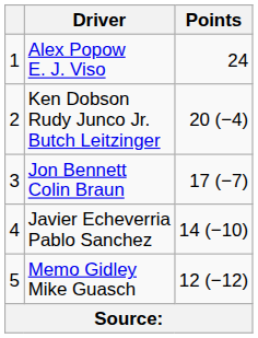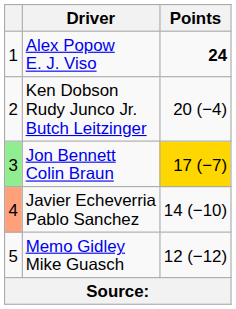 <table class="wikitable" style="font-size: 95%;">
 <tr>
 <th scope="col"></th>
 <th scope="col">Driver</th>
 <th scope="col">Points</th>
 </tr>
 <tr>
 <td align=center>1</td>
 <td> <a href='#'>Alex Popow</a><br> <a href='#'>E. J. Viso</a></td>
-<td align=right>24</td>
+<td align=right><strong>24</strong></td>
 </tr>
 <tr>
 <td align=center>2</td>
 <td> Ken Dobson<br> Rudy Junco Jr.<br> <a href='#'>Butch Leitzinger</a></td>
 <td align=right>20 (−4)</td>
 </tr>
 <tr>
-<td align=center>3</td>
+<td align=center style="background: lightgreen;">3</td>
 <td> <a href='#'>Jon Bennett</a><br> <a href='#'>Colin Braun</a></td>
-<td align=right>17 (−7)</td>
+<td align=right style="background: gold;">17 (−7)</td>
 </tr>
 <tr>
-<td align=center>4</td>
+<td align=center style="background: lightsalmon;">4</td>
 <td> Javier Echeverria<br> Pablo Sanchez</td>
 <td align=right>14 (−10)</td>
 </tr>
 <tr>
 <td align=center>5</td>
 <td> <a href='#'>Memo Gidley</a><br> Mike Guasch</td>
 <td align=right>12 (−12)</td>
 </tr>
 <tr>
 <th colspan=4>Source:</th>
 </tr>
 </table>
